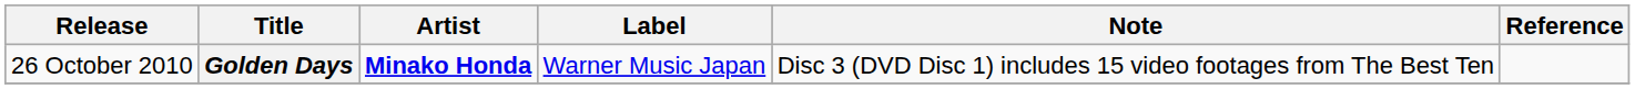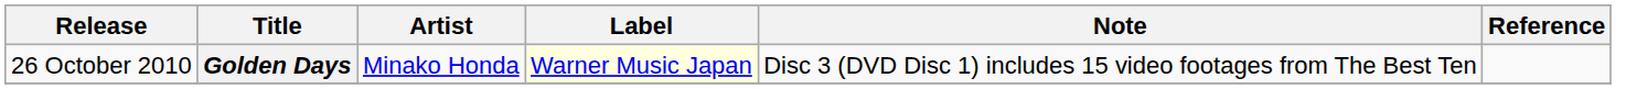 <table class="wikitable sortable" style="font-size:small">
 <tr>
 <th>Release</th>
 <th>Title</th>
 <th>Artist</th>
 <th>Label</th>
 <th>Note</th>
 <th>Reference</th>
 </tr>
 <tr>
 <td>26 October 2010</td>
 <th><em>Golden Days</em></th>
-<td><strong><a href='#'>Minako Honda</a></strong></td>
-<td><a href='#'>Warner Music Japan</a></td>
+<td><a href='#'>Minako Honda</a></td>
+<td style="background: lightyellow;"><a href='#'>Warner Music Japan</a></td>
 <td>Disc 3 (DVD Disc 1) includes 15 video footages from The Best Ten</td>
 <td></td>
 </tr>
 <tr>
 </tr>
 </table>
